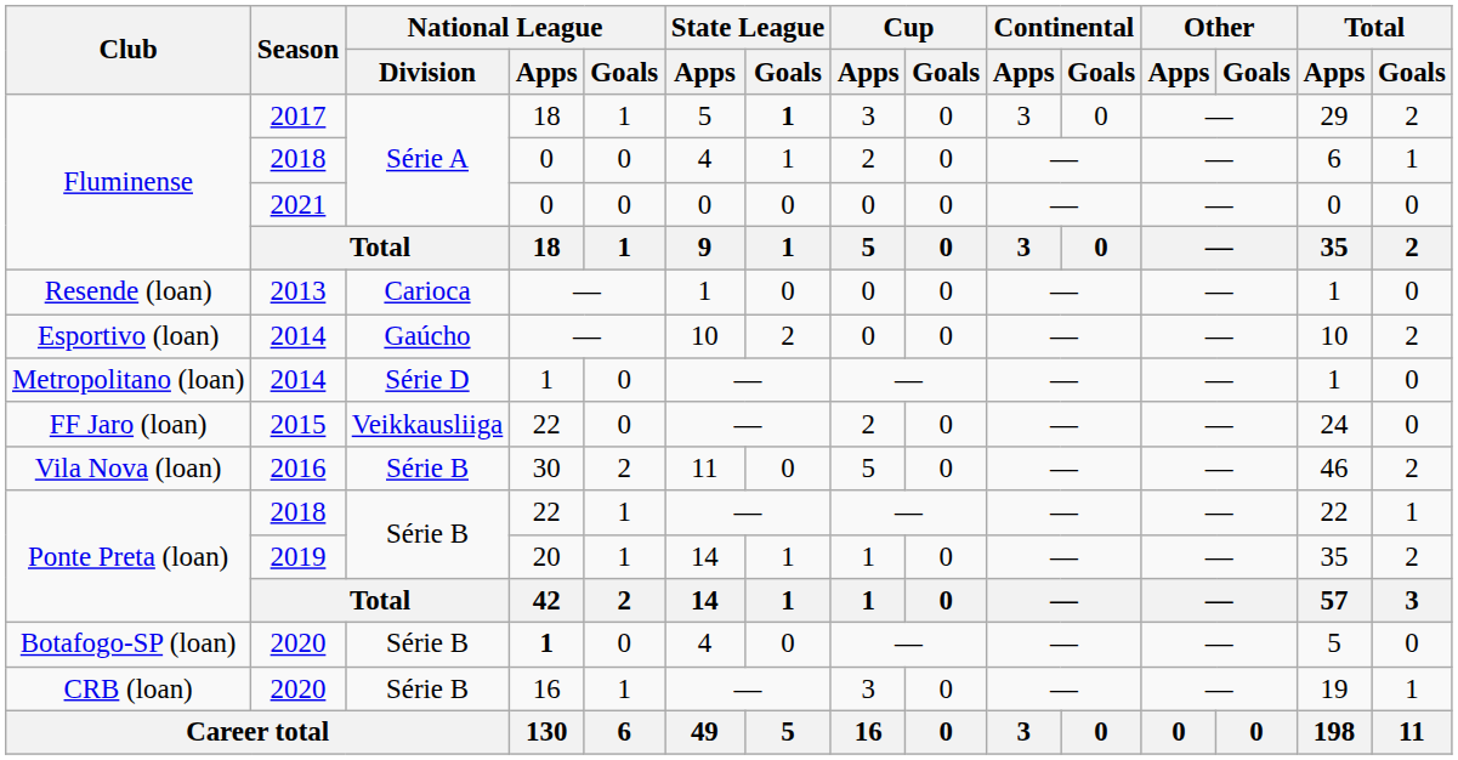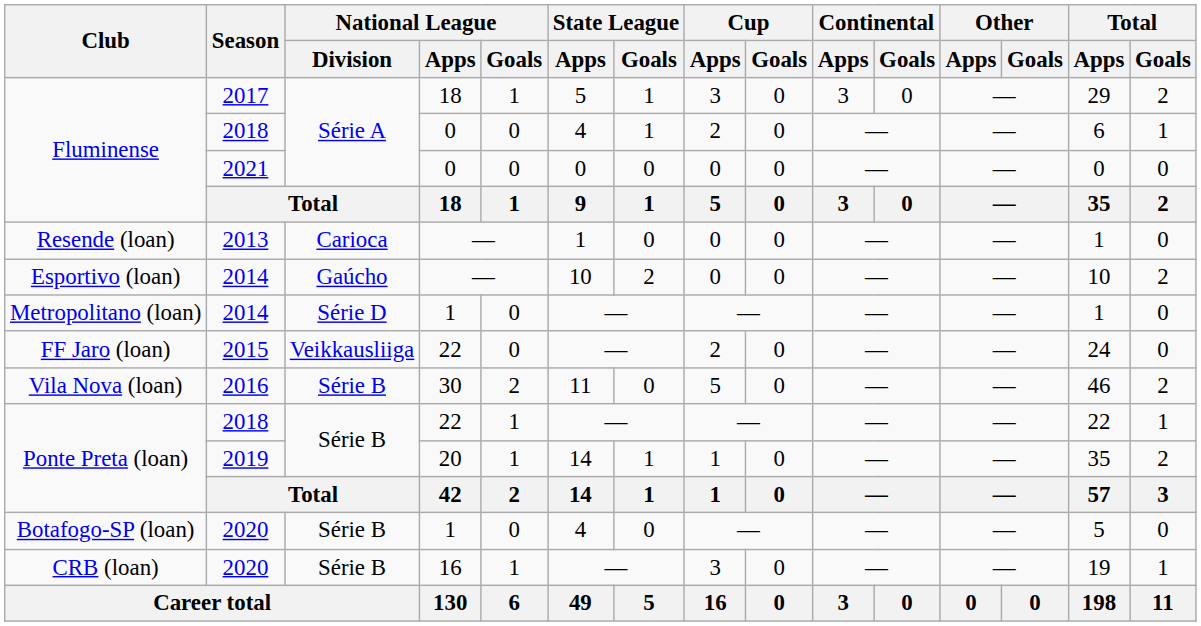 <table class="wikitable" style="text-align: center;">
 <tr>
 <th rowspan="2">Club</th>
 <th rowspan="2">Season</th>
 <th colspan="3">National League</th>
 <th colspan="2">State League</th>
 <th colspan="2">Cup</th>
 <th colspan="2">Continental</th>
 <th colspan="2">Other</th>
 <th colspan="2">Total</th>
 </tr>
 <tr>
 <th>Division</th>
 <th>Apps</th>
 <th>Goals</th>
 <th>Apps</th>
 <th>Goals</th>
 <th>Apps</th>
 <th>Goals</th>
 <th>Apps</th>
 <th>Goals</th>
 <th>Apps</th>
 <th>Goals</th>
 <th>Apps</th>
 <th>Goals</th>
 </tr>
 <tr>
 <td rowspan="4"><a href='#'>Fluminense</a></td>
 <td><a href='#'>2017</a></td>
 <td rowspan="3"><a href='#'>Série A</a></td>
 <td>18</td>
 <td>1</td>
 <td>5</td>
-<td><strong>1</strong></td>
+<td>1</td>
 <td>3</td>
 <td>0</td>
 <td>3</td>
 <td>0</td>
 <td colspan=2>—</td>
 <td>29</td>
 <td>2</td>
 </tr>
 <tr>
 <td><a href='#'>2018</a></td>
 <td>0</td>
 <td>0</td>
 <td>4</td>
 <td>1</td>
 <td>2</td>
 <td>0</td>
 <td colspan=2>—</td>
 <td colspan=2>—</td>
 <td>6</td>
 <td>1</td>
 </tr>
 <tr>
 <td><a href='#'>2021</a></td>
 <td>0</td>
 <td>0</td>
 <td>0</td>
 <td>0</td>
 <td>0</td>
 <td>0</td>
 <td colspan=2>—</td>
 <td colspan=2>—</td>
 <td>0</td>
 <td>0</td>
 </tr>
 <tr>
 <th colspan="2">Total</th>
 <th>18</th>
 <th>1</th>
 <th>9</th>
 <th>1</th>
 <th>5</th>
 <th>0</th>
 <th>3</th>
 <th>0</th>
 <th colspan=2>—</th>
 <th>35</th>
 <th>2</th>
 </tr>
 <tr>
 <td rowspan="1"><a href='#'>Resende</a> (loan)</td>
 <td><a href='#'>2013</a></td>
 <td><a href='#'>Carioca</a></td>
 <td colspan=2>—</td>
 <td>1</td>
 <td>0</td>
 <td>0</td>
 <td>0</td>
 <td colspan=2>—</td>
 <td colspan=2>—</td>
 <td>1</td>
 <td>0</td>
 </tr>
 <tr>
 <td><a href='#'>Esportivo</a> (loan)</td>
 <td><a href='#'>2014</a></td>
 <td><a href='#'>Gaúcho</a></td>
 <td colspan=2>—</td>
 <td>10</td>
 <td>2</td>
 <td>0</td>
 <td>0</td>
 <td colspan="2">—</td>
 <td colspan=2>—</td>
 <td>10</td>
 <td>2</td>
 </tr>
 <tr>
 <td><a href='#'>Metropolitano</a> (loan)</td>
 <td><a href='#'>2014</a></td>
 <td><a href='#'>Série D</a></td>
 <td>1</td>
 <td>0</td>
 <td colspan=2>—</td>
 <td colspan=2>—</td>
 <td colspan="2">—</td>
 <td colspan=2>—</td>
 <td>1</td>
 <td>0</td>
 </tr>
 <tr>
 <td><a href='#'>FF Jaro</a> (loan)</td>
 <td><a href='#'>2015</a></td>
 <td><a href='#'>Veikkausliiga</a></td>
 <td>22</td>
 <td>0</td>
 <td colspan="2">—</td>
 <td>2</td>
 <td>0</td>
 <td colspan=2>—</td>
 <td colspan="2">—</td>
 <td>24</td>
 <td>0</td>
 </tr>
 <tr>
 <td><a href='#'>Vila Nova</a> (loan)</td>
 <td><a href='#'>2016</a></td>
 <td><a href='#'>Série B</a></td>
 <td>30</td>
 <td>2</td>
 <td>11</td>
 <td>0</td>
 <td>5</td>
 <td>0</td>
 <td colspan="2">—</td>
 <td colspan=2>—</td>
 <td>46</td>
 <td>2</td>
 </tr>
 <tr>
 <td rowspan="3"><a href='#'>Ponte Preta</a> (loan)</td>
 <td><a href='#'>2018</a></td>
 <td rowspan="2">Série B</td>
 <td>22</td>
 <td>1</td>
 <td colspan="2">—</td>
 <td colspan=2>—</td>
 <td colspan="2">—</td>
 <td colspan=2>—</td>
 <td>22</td>
 <td>1</td>
 </tr>
 <tr>
 <td><a href='#'>2019</a></td>
 <td>20</td>
 <td>1</td>
 <td>14</td>
 <td>1</td>
 <td>1</td>
 <td>0</td>
 <td colspan="2">—</td>
 <td colspan=2>—</td>
 <td>35</td>
 <td>2</td>
 </tr>
 <tr>
 <th colspan="2">Total</th>
 <th>42</th>
 <th>2</th>
 <th>14</th>
 <th>1</th>
 <th>1</th>
 <th>0</th>
 <th colspan=2>—</th>
 <th colspan=2>—</th>
 <th>57</th>
 <th>3</th>
 </tr>
 <tr>
 <td><a href='#'>Botafogo-SP</a> (loan)</td>
 <td><a href='#'>2020</a></td>
 <td>Série B</td>
-<td><strong>1</strong></td>
+<td>1</td>
 <td>0</td>
 <td>4</td>
 <td>0</td>
 <td colspan="2">—</td>
 <td colspan="2">—</td>
 <td colspan=2>—</td>
 <td>5</td>
 <td>0</td>
 </tr>
 <tr>
 <td><a href='#'>CRB</a> (loan)</td>
 <td><a href='#'>2020</a></td>
 <td>Série B</td>
 <td>16</td>
 <td>1</td>
 <td colspan="2">—</td>
 <td>3</td>
 <td>0</td>
 <td colspan="2">—</td>
 <td colspan=2>—</td>
 <td>19</td>
 <td>1</td>
 </tr>
 <tr>
 <th colspan="3">Career total</th>
 <th>130</th>
 <th>6</th>
 <th>49</th>
 <th>5</th>
 <th>16</th>
 <th>0</th>
 <th>3</th>
 <th>0</th>
 <th>0</th>
 <th>0</th>
 <th>198</th>
 <th>11</th>
 </tr>
 </table>
